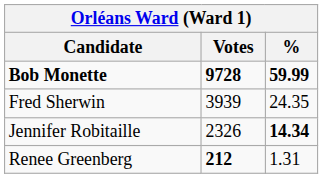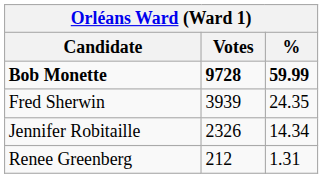 <table class="wikitable">
 <tr>
 <th colspan="3"><a href='#'>Orléans Ward</a> (Ward 1)</th>
 </tr>
 <tr>
 <th bgcolor="#DDDDFF" width="170px">Candidate</th>
 <th bgcolor="#DDDDFF" width="50px">Votes</th>
 <th bgcolor="#DDDDFF" width="40px">%</th>
 </tr>
 <tr>
 <td><strong>Bob Monette</strong></td>
 <td><strong>9728</strong></td>
 <td><strong>59.99</strong></td>
 </tr>
 <tr>
 <td>Fred Sherwin</td>
 <td>3939</td>
 <td>24.35</td>
 </tr>
 <tr>
 <td>Jennifer Robitaille</td>
 <td>2326</td>
-<td><strong>14.34</strong></td>
+<td>14.34</td>
 </tr>
 <tr>
 <td>Renee Greenberg</td>
-<td><strong>212</strong></td>
+<td>212</td>
 <td>1.31</td>
 </tr>
 </table>
